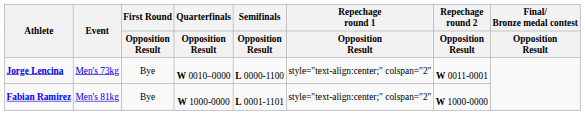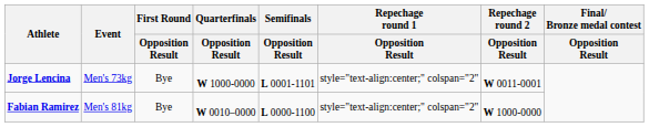 <table class= wikitable style="font-size:90%">
 <tr>
 <th rowspan="2">Athlete</th>
 <th rowspan="2">Event</th>
 <th>First Round</th>
 <th>Quarterfinals</th>
 <th>Semifinals</th>
 <th>Repechage <br>round 1</th>
 <th>Repechage <br>round 2</th>
 <th>Final/<br>Bronze medal contest</th>
 </tr>
 <tr>
 <th>Opposition<br>Result</th>
 <th>Opposition<br>Result</th>
 <th>Opposition<br>Result</th>
 <th>Opposition<br>Result</th>
 <th>Opposition<br>Result</th>
 <th>Opposition<br>Result</th>
 </tr>
 <tr>
 <td><strong><a href='#'>Jorge Lencina</a></strong></td>
 <td style="text-align:center;"><a href='#'>Men's 73kg</a></td>
 <td style="text-align:center;">Bye</td>
-<td style="text-align:center;"><br> <strong>W</strong> 0010–0000</td>
-<td style="text-align:center;"><br> <strong>L</strong> 0000-1100</td>
+<td style="text-align:center;"><br> <strong>W</strong> 1000-0000</td>
+<td style="text-align:center;"><br> <strong>L</strong> 0001-1101</td>
 <td>style="text-align:center;" colspan="2" </td>
 <td style="text-align:center;"><br> <strong>W</strong> 0011-0001 </td>
 </tr>
 <tr>
 <td><strong><a href='#'>Fabian Ramirez</a></strong></td>
 <td style="text-align:center;"><a href='#'>Men's 81kg</a></td>
 <td style="text-align:center;">Bye</td>
-<td style="text-align:center;"><br> <strong>W</strong> 1000-0000</td>
-<td style="text-align:center;"><br> <strong>L</strong> 0001-1101</td>
+<td style="text-align:center;"><br> <strong>W</strong> 0010–0000</td>
+<td style="text-align:center;"><br> <strong>L</strong> 0000-1100</td>
 <td>style="text-align:center;" colspan="2" </td>
 <td style="text-align:center;"><br> <strong>W</strong> 1000-0000 </td>
 </tr>
 </table>
